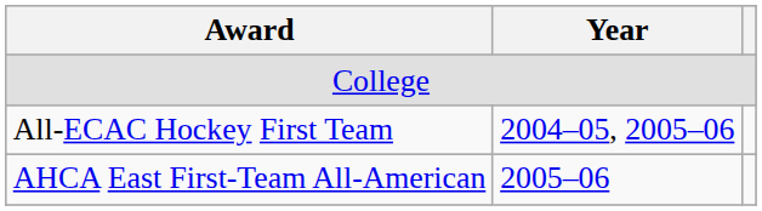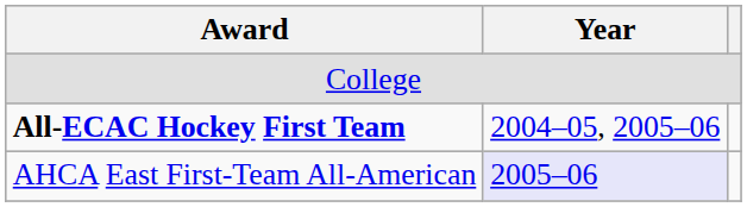 <table class="wikitable">
 <tr>
 <th>Award</th>
 <th>Year</th>
 <th></th>
 </tr>
 <tr ALIGN="center" bgcolor="#e0e0e0">
 <td colspan="3"><a href='#'>College</a></td>
 </tr>
 <tr>
-<td>All-<a href='#'>ECAC Hockey</a> <a href='#'>First Team</a></td>
+<td><strong>All-<a href='#'>ECAC Hockey</a> <a href='#'>First Team</a></strong></td>
 <td><a href='#'>2004–05</a>, <a href='#'>2005–06</a></td>
 <td></td>
 </tr>
 <tr>
 <td><a href='#'>AHCA</a> <a href='#'>East First-Team All-American</a></td>
-<td><a href='#'>2005–06</a></td>
+<td style="background: lavender;"><a href='#'>2005–06</a></td>
 <td></td>
 </tr>
 </table>
